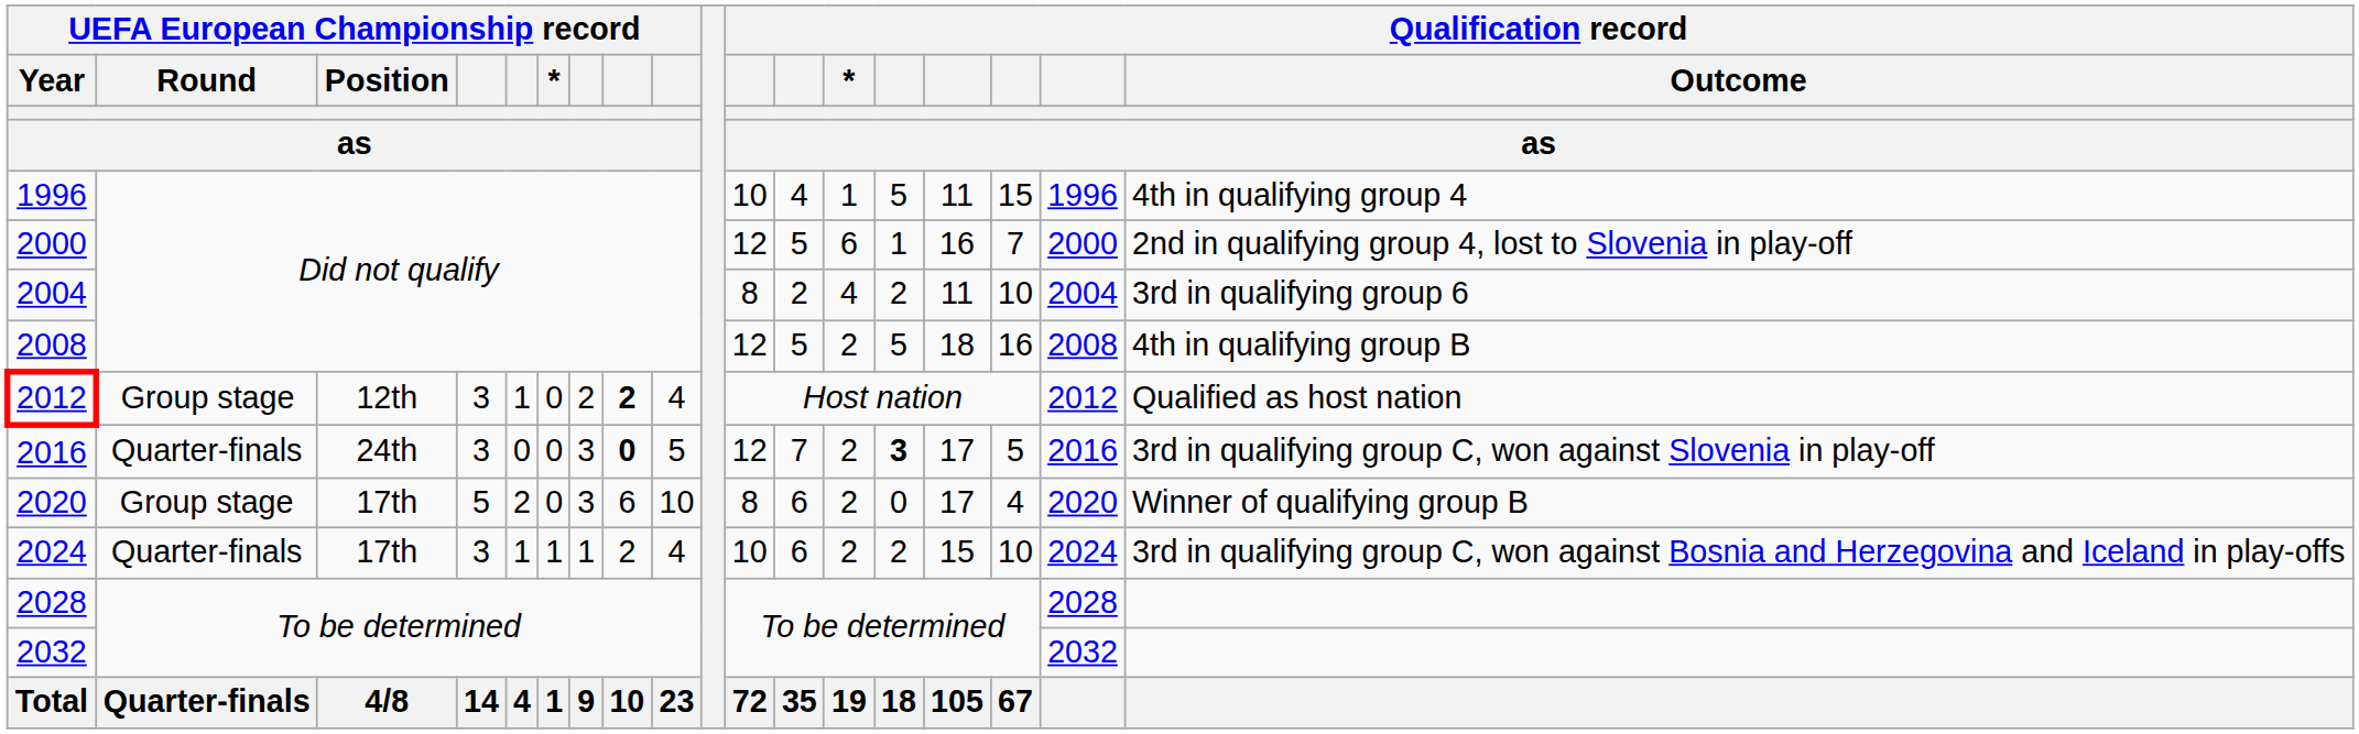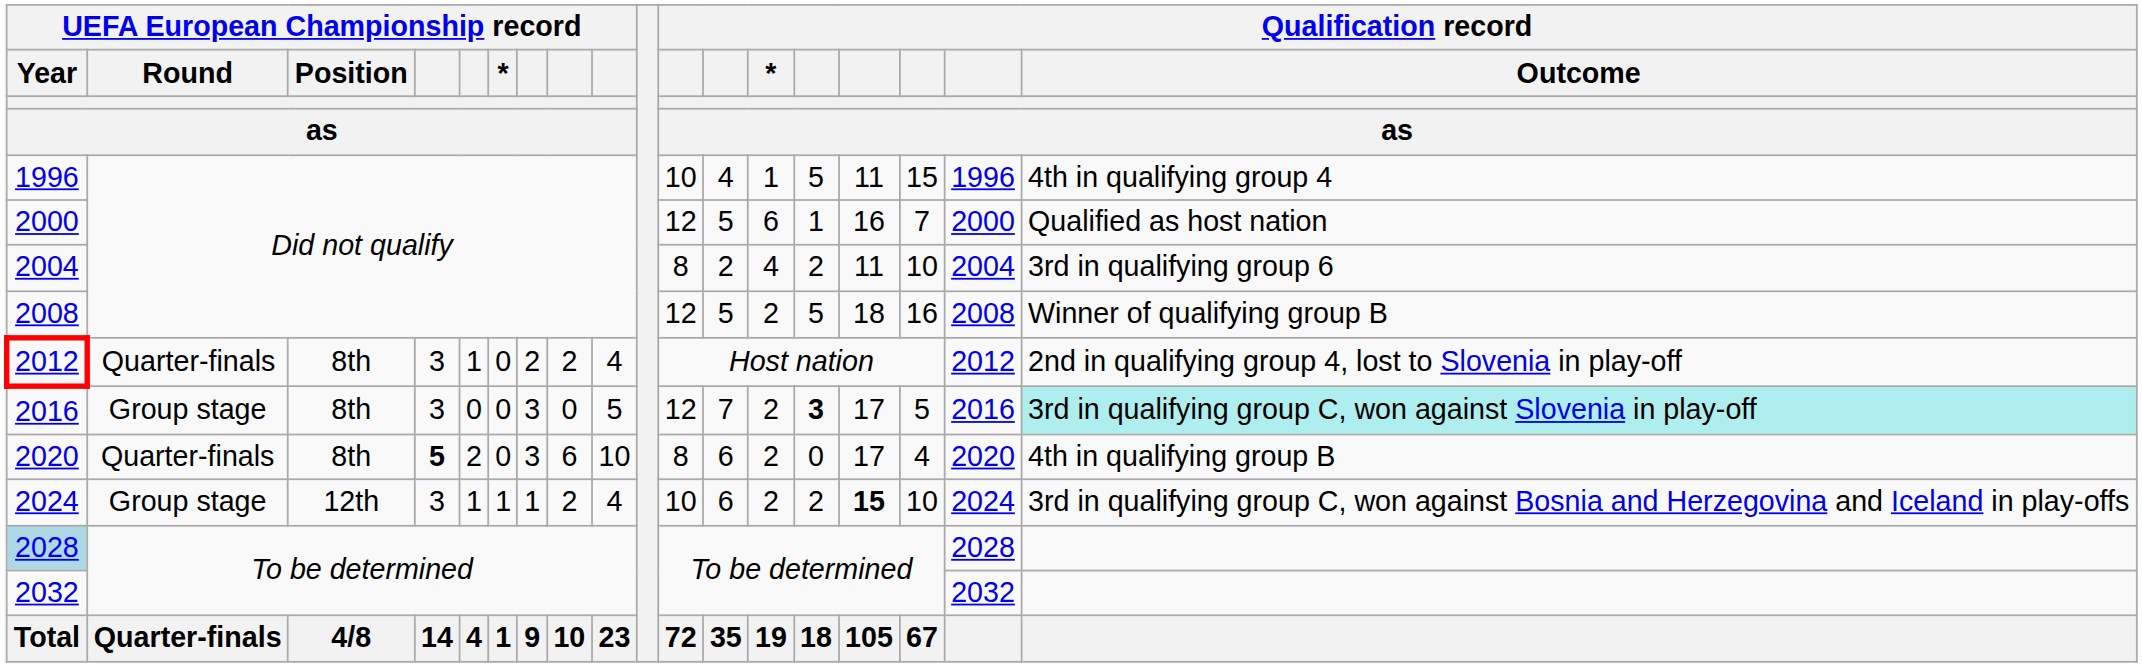 <table class="wikitable" style="text-align: center;">
 <tr>
 <th colspan=9><a href='#'>UEFA European Championship</a> record</th>
 <th style="width:1%;" rowspan="23"></th>
 <th colspan=8><a href='#'>Qualification</a> record</th>
 </tr>
 <tr>
 <th>Year</th>
 <th>Round</th>
 <th>Position</th>
 <th></th>
 <th></th>
 <th>*</th>
 <th></th>
 <th></th>
 <th></th>
 <th></th>
 <th></th>
 <th>*</th>
 <th></th>
 <th></th>
 <th></th>
 <th></th>
 <th>Outcome</th>
 </tr>
 <tr>
 <th colspan=9></th>
 <th colspan=8></th>
 </tr>
 <tr>
 <th colspan=9>as </th>
 <th colspan=8>as </th>
 </tr>
 <tr>
 <td> <a href='#'>1996</a></td>
 <td rowspan=4 colspan=8><em>Did not qualify</em></td>
 <td>10</td>
 <td>4</td>
 <td>1</td>
 <td>5</td>
 <td>11</td>
 <td>15</td>
 <td><a href='#'>1996</a></td>
 <td align=left>4th in qualifying group 4</td>
 </tr>
 <tr>
 <td>  <a href='#'>2000</a></td>
 <td>12</td>
 <td>5</td>
 <td>6</td>
 <td>1</td>
 <td>16</td>
 <td>7</td>
 <td><a href='#'>2000</a></td>
-<td align=left>2nd in qualifying group 4, lost to <a href='#'>Slovenia</a> in play-off</td>
+<td align=left>Qualified as host nation</td>
 </tr>
 <tr>
 <td> <a href='#'>2004</a></td>
 <td>8</td>
 <td>2</td>
 <td>4</td>
 <td>2</td>
 <td>11</td>
 <td>10</td>
 <td><a href='#'>2004</a></td>
 <td align=left>3rd in qualifying group 6</td>
 </tr>
 <tr>
 <td>  <a href='#'>2008</a></td>
 <td>12</td>
 <td>5</td>
 <td>2</td>
 <td>5</td>
 <td>18</td>
 <td>16</td>
 <td><a href='#'>2008</a></td>
-<td align=left>4th in qualifying group B</td>
+<td align=left>Winner of qualifying group B</td>
 </tr>
 <tr>
 <td style="border: 3px solid red">  <a href='#'>2012</a></td>
-<td>Group stage</td>
-<td>12th</td>
+<td>Quarter-finals</td>
+<td>8th</td>
 <td>3</td>
 <td>1</td>
 <td>0</td>
 <td>2</td>
-<td><strong>2</strong></td>
+<td>2</td>
 <td>4</td>
 <td colspan=6><em>Host nation</em></td>
 <td><a href='#'>2012</a></td>
-<td align=left>Qualified as host nation</td>
+<td align=left>2nd in qualifying group 4, lost to <a href='#'>Slovenia</a> in play-off</td>
 </tr>
 <tr>
 <td> <a href='#'>2016</a></td>
-<td>Quarter-finals</td>
-<td>24th</td>
+<td>Group stage</td>
+<td>8th</td>
 <td>3</td>
 <td>0</td>
 <td>0</td>
 <td>3</td>
-<td><strong>0</strong></td>
+<td>0</td>
 <td>5</td>
 <td>12</td>
 <td>7</td>
 <td>2</td>
 <td><strong>3</strong></td>
 <td>17</td>
 <td>5</td>
 <td><a href='#'>2016</a></td>
-<td align=left>3rd in qualifying group C, won against <a href='#'>Slovenia</a> in play-off</td>
+<td align=left style="background: paleturquoise;">3rd in qualifying group C, won against <a href='#'>Slovenia</a> in play-off</td>
 </tr>
 <tr>
 <td> <a href='#'>2020</a></td>
-<td>Group stage</td>
-<td>17th</td>
-<td>5</td>
+<td>Quarter-finals</td>
+<td>8th</td>
+<td><strong>5</strong></td>
 <td>2</td>
 <td>0</td>
 <td>3</td>
 <td>6</td>
 <td>10</td>
 <td>8</td>
 <td>6</td>
 <td>2</td>
 <td>0</td>
 <td>17</td>
 <td>4</td>
 <td><a href='#'>2020</a></td>
-<td align=left>Winner of qualifying group B</td>
+<td align=left>4th in qualifying group B</td>
 </tr>
 <tr>
 <td> <a href='#'>2024</a></td>
-<td>Quarter-finals</td>
-<td>17th</td>
+<td>Group stage</td>
+<td>12th</td>
 <td>3</td>
 <td>1</td>
 <td>1</td>
 <td>1</td>
 <td>2</td>
 <td>4</td>
 <td>10</td>
 <td>6</td>
 <td>2</td>
 <td>2</td>
-<td>15</td>
+<td><strong>15</strong></td>
 <td>10</td>
 <td><a href='#'>2024</a></td>
 <td align=left>3rd in qualifying group C, won against <a href='#'>Bosnia and Herzegovina</a> and <a href='#'>Iceland</a> in play-offs</td>
 </tr>
 <tr>
-<td>  <a href='#'>2028</a></td>
+<td style="background: lightblue;">  <a href='#'>2028</a></td>
 <td colspan=8 rowspan=2><em>To be determined</em></td>
 <td colspan=6 rowspan=2><em>To be determined</em></td>
 <td><a href='#'>2028</a></td>
 <td></td>
 </tr>
 <tr>
 <td>  <a href='#'>2032</a></td>
 <td><a href='#'>2032</a></td>
 <td></td>
 </tr>
 <tr>
 <th>Total</th>
 <th>Quarter-finals</th>
 <th>4/8</th>
 <th>14</th>
 <th>4</th>
 <th>1</th>
 <th>9</th>
 <th>10</th>
 <th>23</th>
 <th>72</th>
 <th>35</th>
 <th>19</th>
 <th>18</th>
 <th>105</th>
 <th>67</th>
 <th></th>
 <th></th>
 </tr>
 </table>
